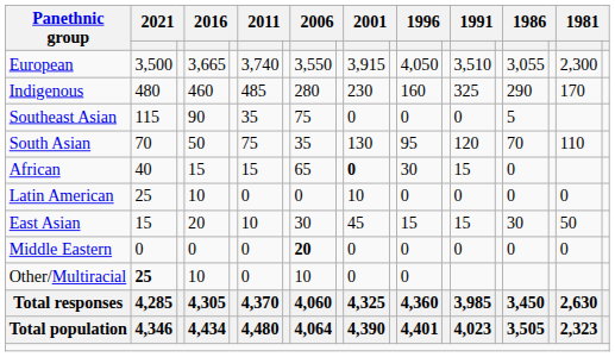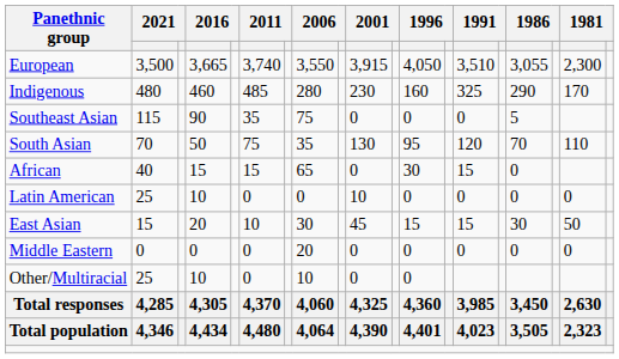 <table class="wikitable collapsible sortable">
 <tr>
 <th rowspan="2"><a href='#'>Panethnic</a><br>group</th>
 <th colspan="2">2021</th>
 <th colspan="2">2016</th>
 <th colspan="2">2011</th>
 <th colspan="2">2006</th>
 <th colspan="2">2001</th>
 <th colspan="2">1996</th>
 <th colspan="2">1991</th>
 <th colspan="2">1986</th>
 <th colspan="2">1981</th>
 </tr>
 <tr>
 <th><a href='#'></a></th>
 <th></th>
 <th></th>
 <th></th>
 <th></th>
 <th></th>
 <th></th>
 <th></th>
 <th></th>
 <th></th>
 <th></th>
 <th></th>
 <th></th>
 <th></th>
 <th></th>
 <th></th>
 <th></th>
 <th></th>
 </tr>
 <tr>
 <td><a href='#'>European</a></td>
 <td>3,500</td>
 <td></td>
 <td>3,665</td>
 <td></td>
 <td>3,740</td>
 <td></td>
 <td>3,550</td>
 <td></td>
 <td>3,915</td>
 <td></td>
 <td>4,050</td>
 <td></td>
 <td>3,510</td>
 <td></td>
 <td>3,055</td>
 <td></td>
 <td>2,300</td>
 <td></td>
 </tr>
 <tr>
 <td><a href='#'>Indigenous</a></td>
 <td>480</td>
 <td></td>
 <td>460</td>
 <td></td>
 <td>485</td>
 <td></td>
 <td>280</td>
 <td></td>
 <td>230</td>
 <td></td>
 <td>160</td>
 <td></td>
 <td>325</td>
 <td></td>
 <td>290</td>
 <td></td>
 <td>170</td>
 <td></td>
 </tr>
 <tr>
 <td><a href='#'>Southeast Asian</a></td>
 <td>115</td>
 <td></td>
 <td>90</td>
 <td></td>
 <td>35</td>
 <td></td>
 <td>75</td>
 <td></td>
 <td>0</td>
 <td></td>
 <td>0</td>
 <td></td>
 <td>0</td>
 <td></td>
 <td>5</td>
 <td></td>
 <td></td>
 <td></td>
 </tr>
 <tr>
 <td><a href='#'>South Asian</a></td>
 <td>70</td>
 <td></td>
 <td>50</td>
 <td></td>
 <td>75</td>
 <td></td>
 <td>35</td>
 <td></td>
 <td>130</td>
 <td></td>
 <td>95</td>
 <td></td>
 <td>120</td>
 <td></td>
 <td>70</td>
 <td></td>
 <td>110</td>
 <td></td>
 </tr>
 <tr>
 <td><a href='#'>African</a></td>
 <td>40</td>
 <td></td>
 <td>15</td>
 <td></td>
 <td>15</td>
 <td></td>
 <td>65</td>
 <td></td>
-<td><strong>0</strong></td>
+<td>0</td>
 <td></td>
 <td>30</td>
 <td></td>
 <td>15</td>
 <td></td>
 <td>0</td>
 <td></td>
 <td></td>
 <td></td>
 </tr>
 <tr>
 <td><a href='#'>Latin American</a></td>
 <td>25</td>
 <td></td>
 <td>10</td>
 <td></td>
 <td>0</td>
 <td></td>
 <td>0</td>
 <td></td>
 <td>10</td>
 <td></td>
 <td>0</td>
 <td></td>
 <td>0</td>
 <td></td>
 <td>0</td>
 <td></td>
 <td>0</td>
 <td></td>
 </tr>
 <tr>
 <td><a href='#'>East Asian</a></td>
 <td>15</td>
 <td></td>
 <td>20</td>
 <td></td>
 <td>10</td>
 <td></td>
 <td>30</td>
 <td></td>
 <td>45</td>
 <td></td>
 <td>15</td>
 <td></td>
 <td>15</td>
 <td></td>
 <td>30</td>
 <td></td>
 <td>50</td>
 <td></td>
 </tr>
 <tr>
 <td><a href='#'>Middle Eastern</a></td>
 <td>0</td>
 <td></td>
 <td>0</td>
 <td></td>
 <td>0</td>
 <td></td>
-<td><strong>20</strong></td>
+<td>20</td>
 <td></td>
 <td>0</td>
 <td></td>
 <td>0</td>
 <td></td>
 <td>0</td>
 <td></td>
 <td>0</td>
 <td></td>
 <td>0</td>
 <td></td>
 </tr>
 <tr>
 <td>Other/<a href='#'>Multiracial</a></td>
-<td><strong>25</strong></td>
+<td>25</td>
 <td></td>
 <td>10</td>
 <td></td>
 <td>0</td>
 <td></td>
 <td>10</td>
 <td></td>
 <td>0</td>
 <td></td>
 <td>0</td>
 <td></td>
 <td></td>
 <td></td>
 <td></td>
 <td></td>
 <td></td>
 <td></td>
 </tr>
 <tr>
 <th>Total responses</th>
 <th>4,285</th>
 <th></th>
 <th>4,305</th>
 <th></th>
 <th>4,370</th>
 <th></th>
 <th>4,060</th>
 <th></th>
 <th>4,325</th>
 <th></th>
 <th>4,360</th>
 <th></th>
 <th>3,985</th>
 <th></th>
 <th>3,450</th>
 <th></th>
 <th>2,630</th>
 <th></th>
 </tr>
 <tr>
 <th>Total population</th>
 <th>4,346</th>
 <th></th>
 <th>4,434</th>
 <th></th>
 <th>4,480</th>
 <th></th>
 <th>4,064</th>
 <th></th>
 <th>4,390</th>
 <th></th>
 <th>4,401</th>
 <th></th>
 <th>4,023</th>
 <th></th>
 <th>3,505</th>
 <th></th>
 <th>2,323</th>
 <th></th>
 </tr>
 <tr class="sortbottom">
 <td colspan="20"></td>
 </tr>
 </table>
